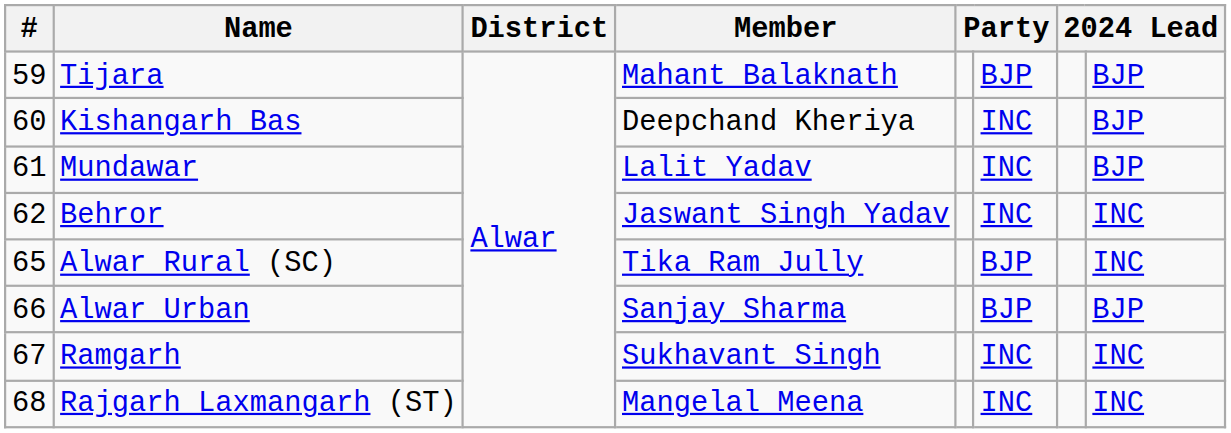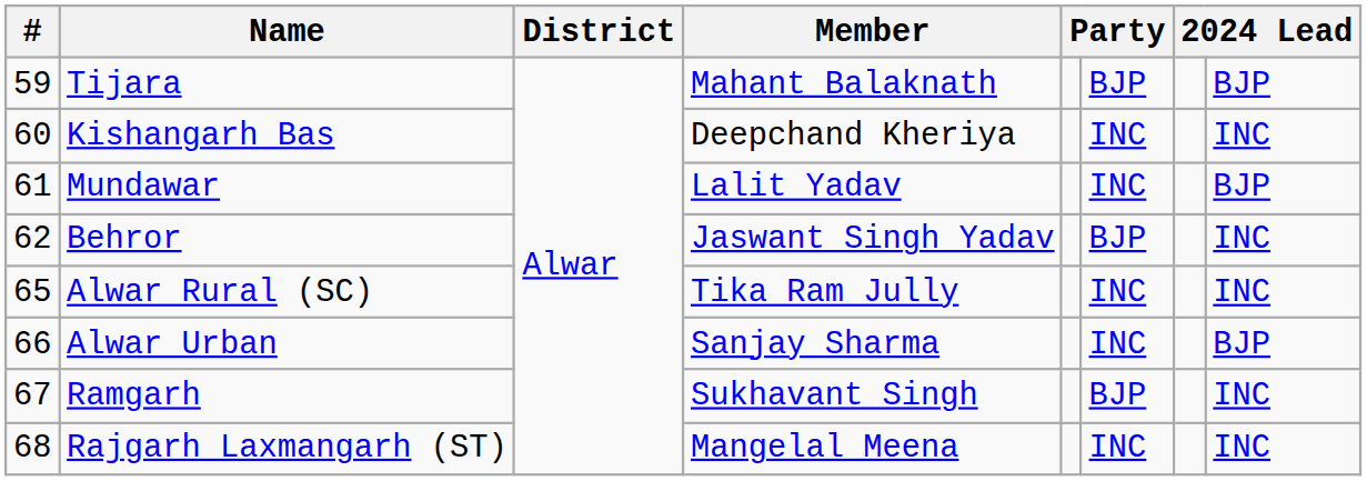 <table class="wikitable">
 <tr>
 <th>#</th>
 <th>Name</th>
 <th>District</th>
 <th>Member</th>
 <th colspan="2">Party</th>
 <th colspan="2">2024 Lead</th>
 </tr>
 <tr>
 <td>59</td>
 <td><a href='#'>Tijara</a></td>
 <td rowspan="8"><a href='#'>Alwar</a></td>
 <td><a href='#'>Mahant Balaknath</a></td>
 <td style="background-color: "></td>
 <td><a href='#'>BJP</a></td>
 <td style="background-color: "></td>
 <td><a href='#'>BJP</a></td>
 </tr>
 <tr>
 <td>60</td>
 <td><a href='#'>Kishangarh Bas</a></td>
 <td>Deepchand Kheriya</td>
 <td style="background-color: "></td>
 <td><a href='#'>INC</a></td>
 <td style="background-color: "></td>
-<td><a href='#'>BJP</a></td>
+<td><a href='#'>INC</a></td>
 </tr>
 <tr>
 <td>61</td>
 <td><a href='#'>Mundawar</a></td>
 <td><a href='#'>Lalit Yadav</a></td>
 <td style="background-color: "></td>
 <td><a href='#'>INC</a></td>
 <td style="background-color: "></td>
 <td><a href='#'>BJP</a></td>
 </tr>
 <tr>
 <td>62</td>
 <td><a href='#'>Behror</a></td>
 <td><a href='#'>Jaswant Singh Yadav</a></td>
 <td style="background-color: "></td>
-<td><a href='#'>INC</a></td>
+<td><a href='#'>BJP</a></td>
 <td style="background-color: "></td>
 <td><a href='#'>INC</a></td>
 </tr>
 <tr>
 <td>65</td>
 <td><a href='#'>Alwar Rural</a> (SC)</td>
 <td><a href='#'>Tika Ram Jully</a></td>
 <td style="background-color: "></td>
-<td><a href='#'>BJP</a></td>
+<td><a href='#'>INC</a></td>
 <td style="background-color: "></td>
 <td><a href='#'>INC</a></td>
 </tr>
 <tr>
 <td>66</td>
 <td><a href='#'>Alwar Urban</a></td>
 <td><a href='#'>Sanjay Sharma</a></td>
 <td style="background-color: "></td>
-<td><a href='#'>BJP</a></td>
+<td><a href='#'>INC</a></td>
 <td style="background-color: "></td>
 <td><a href='#'>BJP</a></td>
 </tr>
 <tr>
 <td>67</td>
 <td><a href='#'>Ramgarh</a></td>
 <td><a href='#'>Sukhavant Singh</a></td>
 <td style="background-color: "></td>
-<td><a href='#'>INC</a></td>
+<td><a href='#'>BJP</a></td>
 <td style="background-color: "></td>
 <td><a href='#'>INC</a></td>
 </tr>
 <tr>
 <td>68</td>
 <td><a href='#'>Rajgarh Laxmangarh</a> (ST)</td>
 <td><a href='#'>Mangelal Meena</a></td>
 <td style="background-color: "></td>
 <td><a href='#'>INC</a></td>
 <td style="background-color: "></td>
 <td><a href='#'>INC</a></td>
 </tr>
 </table>
